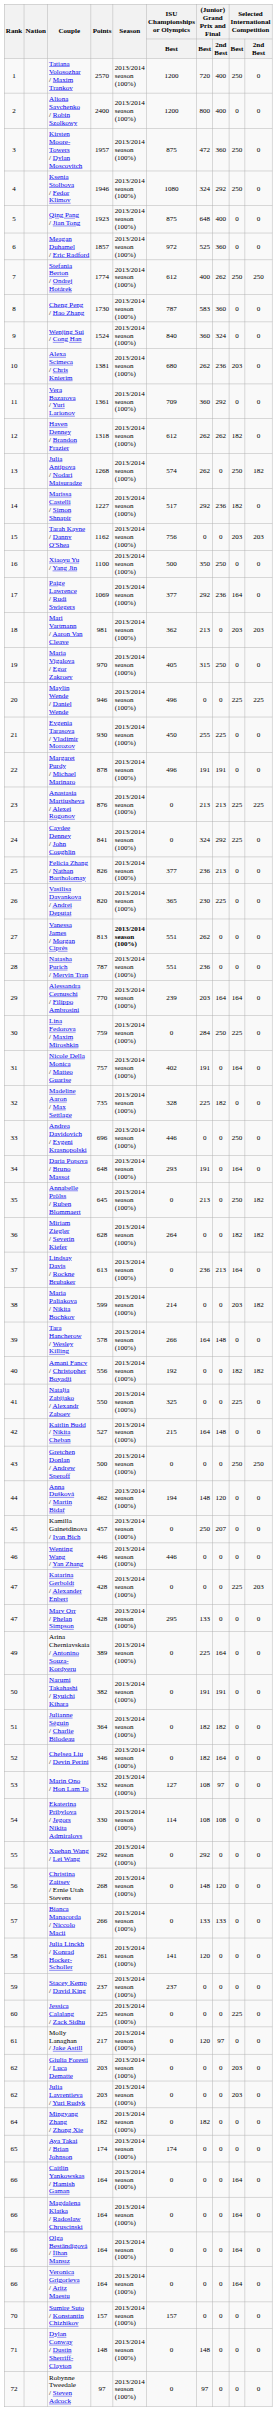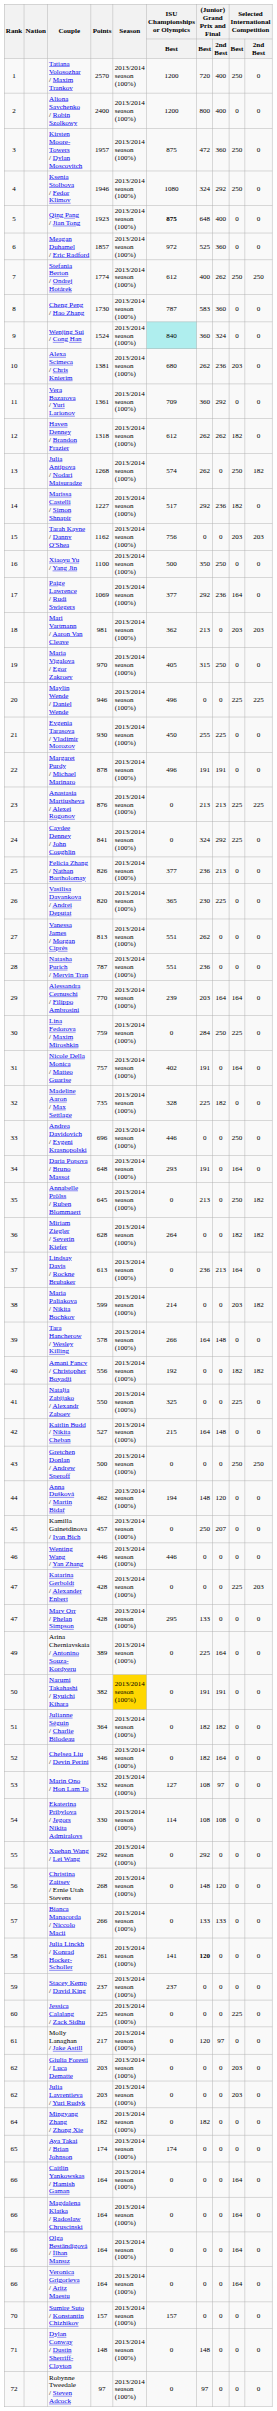 <table class="wikitable sortable" style="text-align: center;">
 <tr>
 <th rowspan="2">Rank</th>
 <th rowspan="2">Nation</th>
 <th rowspan="2">Couple</th>
 <th rowspan="2">Points</th>
 <th rowspan="2">Season</th>
 <th>ISU <br> Championships <br> or Olympics</th>
 <th colspan="2">(Junior) Grand <br> Prix and Final</th>
 <th colspan="2">Selected <br> International <br> Competition</th>
 </tr>
 <tr>
 <th>Best</th>
 <th>Best</th>
 <th>2nd Best</th>
 <th>Best</th>
 <th>2nd Best</th>
 </tr>
 <tr>
 <td>1</td>
 <td style="text-align: left;"></td>
 <td style="text-align: left;"><a href='#'>Tatiana Volosozhar</a> <br>/ <a href='#'>Maxim Trankov</a></td>
 <td>2570</td>
 <td style="text-align: left;">2013/2014 season (100%)</td>
 <td>1200</td>
 <td>720</td>
 <td>400</td>
 <td>250</td>
 <td>0</td>
 </tr>
 <tr>
 <td>2</td>
 <td style="text-align: left;"></td>
 <td style="text-align: left;"><a href='#'>Aliona Savchenko</a> <br>/ <a href='#'>Robin Szolkowy</a></td>
 <td>2400</td>
 <td style="text-align: left;">2013/2014 season (100%)</td>
 <td>1200</td>
 <td>800</td>
 <td>400</td>
 <td>0</td>
 <td>0</td>
 </tr>
 <tr>
 <td>3</td>
 <td style="text-align: left;"></td>
 <td style="text-align: left;"><a href='#'>Kirsten Moore-Towers</a> <br>/ <a href='#'>Dylan Moscovitch</a></td>
 <td>1957</td>
 <td style="text-align: left;">2013/2014 season (100%)</td>
 <td>875</td>
 <td>472</td>
 <td>360</td>
 <td>250</td>
 <td>0</td>
 </tr>
 <tr>
 <td>4</td>
 <td style="text-align: left;"></td>
 <td style="text-align: left;"><a href='#'>Ksenia Stolbova</a> <br>/ <a href='#'>Fedor Klimov</a></td>
 <td>1946</td>
 <td style="text-align: left;">2013/2014 season (100%)</td>
 <td>1080</td>
 <td>324</td>
 <td>292</td>
 <td>250</td>
 <td>0</td>
 </tr>
 <tr>
 <td>5</td>
 <td style="text-align: left;"></td>
 <td style="text-align: left;"><a href='#'>Qing Pang</a> <br>/ <a href='#'>Jian Tong</a></td>
 <td>1923</td>
 <td style="text-align: left;">2013/2014 season (100%)</td>
-<td>875</td>
+<td><strong>875</strong></td>
 <td>648</td>
 <td>400</td>
 <td>0</td>
 <td>0</td>
 </tr>
 <tr>
 <td>6</td>
 <td style="text-align: left;"></td>
 <td style="text-align: left;"><a href='#'>Meagan Duhamel</a> <br>/ <a href='#'>Eric Radford</a></td>
 <td>1857</td>
 <td style="text-align: left;">2013/2014 season (100%)</td>
 <td>972</td>
 <td>525</td>
 <td>360</td>
 <td>0</td>
 <td>0</td>
 </tr>
 <tr>
 <td>7</td>
 <td style="text-align: left;"></td>
 <td style="text-align: left;"><a href='#'>Stefania Berton</a> <br>/ <a href='#'>Ondrej Hotárek</a></td>
 <td>1774</td>
 <td style="text-align: left;">2013/2014 season (100%)</td>
 <td>612</td>
 <td>400</td>
 <td>262</td>
 <td>250</td>
 <td>250</td>
 </tr>
 <tr>
 <td>8</td>
 <td style="text-align: left;"></td>
 <td style="text-align: left;"><a href='#'>Cheng Peng</a> <br>/ <a href='#'>Hao Zhang</a></td>
 <td>1730</td>
 <td style="text-align: left;">2013/2014 season (100%)</td>
 <td>787</td>
 <td>583</td>
 <td>360</td>
 <td>0</td>
 <td>0</td>
 </tr>
 <tr>
 <td>9</td>
 <td style="text-align: left;"></td>
 <td style="text-align: left;"><a href='#'>Wenjing Sui</a> <br>/ <a href='#'>Cong Han</a></td>
 <td>1524</td>
 <td style="text-align: left;">2013/2014 season (100%)</td>
-<td>840</td>
+<td style="background: paleturquoise;">840</td>
 <td>360</td>
 <td>324</td>
 <td>0</td>
 <td>0</td>
 </tr>
 <tr>
 <td>10</td>
 <td style="text-align: left;"></td>
 <td style="text-align: left;"><a href='#'>Alexa Scimeca</a> <br>/ <a href='#'>Chris Knierim</a></td>
 <td>1381</td>
 <td style="text-align: left;">2013/2014 season (100%)</td>
 <td>680</td>
 <td>262</td>
 <td>236</td>
 <td>203</td>
 <td>0</td>
 </tr>
 <tr>
 <td>11</td>
 <td style="text-align: left;"></td>
 <td style="text-align: left;"><a href='#'>Vera Bazarova</a> <br>/ <a href='#'>Yuri Larionov</a></td>
 <td>1361</td>
 <td style="text-align: left;">2013/2014 season (100%)</td>
 <td>709</td>
 <td>360</td>
 <td>292</td>
 <td>0</td>
 <td>0</td>
 </tr>
 <tr>
 <td>12</td>
 <td style="text-align: left;"></td>
 <td style="text-align: left;"><a href='#'>Haven Denney</a> <br>/ <a href='#'>Brandon Frazier</a></td>
 <td>1318</td>
 <td style="text-align: left;">2013/2014 season (100%)</td>
 <td>612</td>
 <td>262</td>
 <td>262</td>
 <td>182</td>
 <td>0</td>
 </tr>
 <tr>
 <td>13</td>
 <td style="text-align: left;"></td>
 <td style="text-align: left;"><a href='#'>Julia Antipova</a> <br>/ <a href='#'>Nodari Maisuradze</a></td>
 <td>1268</td>
 <td style="text-align: left;">2013/2014 season (100%)</td>
 <td>574</td>
 <td>262</td>
 <td>0</td>
 <td>250</td>
 <td>182</td>
 </tr>
 <tr>
 <td>14</td>
 <td style="text-align: left;"></td>
 <td style="text-align: left;"><a href='#'>Marissa Castelli</a> <br>/ <a href='#'>Simon Shnapir</a></td>
 <td>1227</td>
 <td style="text-align: left;">2013/2014 season (100%)</td>
 <td>517</td>
 <td>292</td>
 <td>236</td>
 <td>182</td>
 <td>0</td>
 </tr>
 <tr>
 <td>15</td>
 <td style="text-align: left;"></td>
 <td style="text-align: left;"><a href='#'>Tarah Kayne</a> <br>/ <a href='#'>Danny O'Shea</a></td>
 <td>1162</td>
 <td style="text-align: left;">2013/2014 season (100%)</td>
 <td>756</td>
 <td>0</td>
 <td>0</td>
 <td>203</td>
 <td>203</td>
 </tr>
 <tr>
 <td>16</td>
 <td style="text-align: left;"></td>
 <td style="text-align: left;"><a href='#'>Xiaoyu Yu</a> <br>/ <a href='#'>Yang Jin</a></td>
 <td>1100</td>
 <td style="text-align: left;">2013/2014 season (100%)</td>
 <td>500</td>
 <td>350</td>
 <td>250</td>
 <td>0</td>
 <td>0</td>
 </tr>
 <tr>
 <td>17</td>
 <td style="text-align: left;"></td>
 <td style="text-align: left;"><a href='#'>Paige Lawrence</a> <br>/ <a href='#'>Rudi Swiegers</a></td>
 <td>1069</td>
 <td style="text-align: left;">2013/2014 season (100%)</td>
 <td>377</td>
 <td>292</td>
 <td>236</td>
 <td>164</td>
 <td>0</td>
 </tr>
 <tr>
 <td>18</td>
 <td style="text-align: left;"></td>
 <td style="text-align: left;"><a href='#'>Mari Vartmann</a> <br>/ <a href='#'>Aaron Van Cleave</a></td>
 <td>981</td>
 <td style="text-align: left;">2013/2014 season (100%)</td>
 <td>362</td>
 <td>213</td>
 <td>0</td>
 <td>203</td>
 <td>203</td>
 </tr>
 <tr>
 <td>19</td>
 <td style="text-align: left;"></td>
 <td style="text-align: left;"><a href='#'>Maria Vigalova</a> <br>/ <a href='#'>Egor Zakroev</a></td>
 <td>970</td>
 <td style="text-align: left;">2013/2014 season (100%)</td>
 <td>405</td>
 <td>315</td>
 <td>250</td>
 <td>0</td>
 <td>0</td>
 </tr>
 <tr>
 <td>20</td>
 <td style="text-align: left;"></td>
 <td style="text-align: left;"><a href='#'>Maylin Wende</a> <br>/ <a href='#'>Daniel Wende</a></td>
 <td>946</td>
 <td style="text-align: left;">2013/2014 season (100%)</td>
 <td>496</td>
 <td>0</td>
 <td>0</td>
 <td>225</td>
 <td>225</td>
 </tr>
 <tr>
 <td>21</td>
 <td style="text-align: left;"></td>
 <td style="text-align: left;"><a href='#'>Evgenia Tarasova</a> <br>/ <a href='#'>Vladimir Morozov</a></td>
 <td>930</td>
 <td style="text-align: left;">2013/2014 season (100%)</td>
 <td>450</td>
 <td>255</td>
 <td>225</td>
 <td>0</td>
 <td>0</td>
 </tr>
 <tr>
 <td>22</td>
 <td style="text-align: left;"></td>
 <td style="text-align: left;"><a href='#'>Margaret Purdy</a> <br>/ <a href='#'>Michael Marinaro</a></td>
 <td>878</td>
 <td style="text-align: left;">2013/2014 season (100%)</td>
 <td>496</td>
 <td>191</td>
 <td>191</td>
 <td>0</td>
 <td>0</td>
 </tr>
 <tr>
 <td>23</td>
 <td style="text-align: left;"></td>
 <td style="text-align: left;"><a href='#'>Anastasia Martiusheva</a> <br>/ <a href='#'>Alexei Rogonov</a></td>
 <td>876</td>
 <td style="text-align: left;">2013/2014 season (100%)</td>
 <td>0</td>
 <td>213</td>
 <td>213</td>
 <td>225</td>
 <td>225</td>
 </tr>
 <tr>
 <td>24</td>
 <td style="text-align: left;"></td>
 <td style="text-align: left;"><a href='#'>Caydee Denney</a> <br>/ <a href='#'>John Coughlin</a></td>
 <td>841</td>
 <td style="text-align: left;">2013/2014 season (100%)</td>
 <td>0</td>
 <td>324</td>
 <td>292</td>
 <td>225</td>
 <td>0</td>
 </tr>
 <tr>
 <td>25</td>
 <td style="text-align: left;"></td>
 <td style="text-align: left;"><a href='#'>Felicia Zhang</a> <br>/ <a href='#'>Nathan Bartholomay</a></td>
 <td>826</td>
 <td style="text-align: left;">2013/2014 season (100%)</td>
 <td>377</td>
 <td>236</td>
 <td>213</td>
 <td>0</td>
 <td>0</td>
 </tr>
 <tr>
 <td>26</td>
 <td style="text-align: left;"></td>
 <td style="text-align: left;"><a href='#'>Vasilisa Davankova</a> <br>/ <a href='#'>Andrei Deputat</a></td>
 <td>820</td>
 <td style="text-align: left;">2013/2014 season (100%)</td>
 <td>365</td>
 <td>230</td>
 <td>225</td>
 <td>0</td>
 <td>0</td>
 </tr>
 <tr>
 <td>27</td>
 <td style="text-align: left;"></td>
 <td style="text-align: left;"><a href='#'>Vanessa James</a> <br>/ <a href='#'>Morgan Ciprès</a></td>
 <td>813</td>
-<td style="text-align: left;"><strong>2013/2014 season (100%)</strong></td>
+<td style="text-align: left;">2013/2014 season (100%)</td>
 <td>551</td>
 <td>262</td>
 <td>0</td>
 <td>0</td>
 <td>0</td>
 </tr>
 <tr>
 <td>28</td>
 <td style="text-align: left;"></td>
 <td style="text-align: left;"><a href='#'>Natasha Purich</a> <br>/ <a href='#'>Mervin Tran</a></td>
 <td>787</td>
 <td style="text-align: left;">2013/2014 season (100%)</td>
 <td>551</td>
 <td>236</td>
 <td>0</td>
 <td>0</td>
 <td>0</td>
 </tr>
 <tr>
 <td>29</td>
 <td style="text-align: left;"></td>
 <td style="text-align: left;"><a href='#'>Alessandra Cernuschi</a> <br>/ <a href='#'>Filippo Ambrosini</a></td>
 <td>770</td>
 <td style="text-align: left;">2013/2014 season (100%)</td>
 <td>239</td>
 <td>203</td>
 <td>164</td>
 <td>164</td>
 <td>0</td>
 </tr>
 <tr>
 <td>30</td>
 <td style="text-align: left;"></td>
 <td style="text-align: left;"><a href='#'>Lina Fedorova</a> <br>/ <a href='#'>Maxim Miroshkin</a></td>
 <td>759</td>
 <td style="text-align: left;">2013/2014 season (100%)</td>
 <td>0</td>
 <td>284</td>
 <td>250</td>
 <td>225</td>
 <td>0</td>
 </tr>
 <tr>
 <td>31</td>
 <td style="text-align: left;"></td>
 <td style="text-align: left;"><a href='#'>Nicole Della Monica</a> <br>/ <a href='#'>Matteo Guarise</a></td>
 <td>757</td>
 <td style="text-align: left;">2013/2014 season (100%)</td>
 <td>402</td>
 <td>191</td>
 <td>0</td>
 <td>164</td>
 <td>0</td>
 </tr>
 <tr>
 <td>32</td>
 <td style="text-align: left;"></td>
 <td style="text-align: left;"><a href='#'>Madeline Aaron</a> <br>/ <a href='#'>Max Settlage</a></td>
 <td>735</td>
 <td style="text-align: left;">2013/2014 season (100%)</td>
 <td>328</td>
 <td>225</td>
 <td>182</td>
 <td>0</td>
 <td>0</td>
 </tr>
 <tr>
 <td>33</td>
 <td style="text-align: left;"></td>
 <td style="text-align: left;"><a href='#'>Andrea Davidovich</a> <br>/ <a href='#'>Evgeni Krasnopolski</a></td>
 <td>696</td>
 <td style="text-align: left;">2013/2014 season (100%)</td>
 <td>446</td>
 <td>0</td>
 <td>0</td>
 <td>250</td>
 <td>0</td>
 </tr>
 <tr>
 <td>34</td>
 <td style="text-align: left;"></td>
 <td style="text-align: left;"><a href='#'>Daria Popova</a> <br>/ <a href='#'>Bruno Massot</a></td>
 <td>648</td>
 <td style="text-align: left;">2013/2014 season (100%)</td>
 <td>293</td>
 <td>191</td>
 <td>0</td>
 <td>164</td>
 <td>0</td>
 </tr>
 <tr>
 <td>35</td>
 <td style="text-align: left;"></td>
 <td style="text-align: left;"><a href='#'>Annabelle Prölss</a> <br>/ <a href='#'>Ruben Blommaert</a></td>
 <td>645</td>
 <td style="text-align: left;">2013/2014 season (100%)</td>
 <td>0</td>
 <td>213</td>
 <td>0</td>
 <td>250</td>
 <td>182</td>
 </tr>
 <tr>
 <td>36</td>
 <td style="text-align: left;"></td>
 <td style="text-align: left;"><a href='#'>Miriam Ziegler</a> <br>/ <a href='#'>Severin Kiefer</a></td>
 <td>628</td>
 <td style="text-align: left;">2013/2014 season (100%)</td>
 <td>264</td>
 <td>0</td>
 <td>0</td>
 <td>182</td>
 <td>182</td>
 </tr>
 <tr>
 <td>37</td>
 <td style="text-align: left;"></td>
 <td style="text-align: left;"><a href='#'>Lindsay Davis</a> <br>/ <a href='#'>Rockne Brubaker</a></td>
 <td>613</td>
 <td style="text-align: left;">2013/2014 season (100%)</td>
 <td>0</td>
 <td>236</td>
 <td>213</td>
 <td>164</td>
 <td>0</td>
 </tr>
 <tr>
 <td>38</td>
 <td style="text-align: left;"></td>
 <td style="text-align: left;"><a href='#'>Maria Paliakova</a> <br>/ <a href='#'>Nikita Bochkov</a></td>
 <td>599</td>
 <td style="text-align: left;">2013/2014 season (100%)</td>
 <td>214</td>
 <td>0</td>
 <td>0</td>
 <td>203</td>
 <td>182</td>
 </tr>
 <tr>
 <td>39</td>
 <td style="text-align: left;"></td>
 <td style="text-align: left;"><a href='#'>Tara Hancherow</a> <br>/ <a href='#'>Wesley Killing</a></td>
 <td>578</td>
 <td style="text-align: left;">2013/2014 season (100%)</td>
 <td>266</td>
 <td>164</td>
 <td>148</td>
 <td>0</td>
 <td>0</td>
 </tr>
 <tr>
 <td>40</td>
 <td style="text-align: left;"></td>
 <td style="text-align: left;"><a href='#'>Amani Fancy</a> <br>/ <a href='#'>Christopher Boyadji</a></td>
 <td>556</td>
 <td style="text-align: left;">2013/2014 season (100%)</td>
 <td>192</td>
 <td>0</td>
 <td>0</td>
 <td>182</td>
 <td>182</td>
 </tr>
 <tr>
 <td>41</td>
 <td style="text-align: left;"></td>
 <td style="text-align: left;"><a href='#'>Natalja Zabijako</a> <br>/ <a href='#'>Alexandr Zaboev</a></td>
 <td>550</td>
 <td style="text-align: left;">2013/2014 season (100%)</td>
 <td>325</td>
 <td>0</td>
 <td>0</td>
 <td>225</td>
 <td>0</td>
 </tr>
 <tr>
 <td>42</td>
 <td style="text-align: left;"></td>
 <td style="text-align: left;"><a href='#'>Kaitlin Budd</a> <br>/ <a href='#'>Nikita Cheban</a></td>
 <td>527</td>
 <td style="text-align: left;">2013/2014 season (100%)</td>
 <td>215</td>
 <td>164</td>
 <td>148</td>
 <td>0</td>
 <td>0</td>
 </tr>
 <tr>
 <td>43</td>
 <td style="text-align: left;"></td>
 <td style="text-align: left;"><a href='#'>Gretchen Donlan</a> <br>/ <a href='#'>Andrew Speroff</a></td>
 <td>500</td>
 <td style="text-align: left;">2013/2014 season (100%)</td>
 <td>0</td>
 <td>0</td>
 <td>0</td>
 <td>250</td>
 <td>250</td>
 </tr>
 <tr>
 <td>44</td>
 <td style="text-align: left;"></td>
 <td style="text-align: left;"><a href='#'>Anna Dušková</a> <br>/ <a href='#'>Martin Bidař</a></td>
 <td>462</td>
 <td style="text-align: left;">2013/2014 season (100%)</td>
 <td>194</td>
 <td>148</td>
 <td>120</td>
 <td>0</td>
 <td>0</td>
 </tr>
 <tr>
 <td>45</td>
 <td style="text-align: left;"></td>
 <td style="text-align: left;">Kamilla Gainetdinova <br>/ <a href='#'>Ivan Bich</a></td>
 <td>457</td>
 <td style="text-align: left;">2013/2014 season (100%)</td>
 <td>0</td>
 <td>250</td>
 <td>207</td>
 <td>0</td>
 <td>0</td>
 </tr>
 <tr>
 <td>46</td>
 <td style="text-align: left;"></td>
 <td style="text-align: left;"><a href='#'>Wenting Wang</a> <br>/ <a href='#'>Yan Zhang</a></td>
 <td>446</td>
 <td style="text-align: left;">2013/2014 season (100%)</td>
 <td>446</td>
 <td>0</td>
 <td>0</td>
 <td>0</td>
 <td>0</td>
 </tr>
 <tr>
 <td>47</td>
 <td style="text-align: left;"></td>
 <td style="text-align: left;"><a href='#'>Katarina Gerboldt</a> <br>/ <a href='#'>Alexander Enbert</a></td>
 <td>428</td>
 <td style="text-align: left;">2013/2014 season (100%)</td>
 <td>0</td>
 <td>0</td>
 <td>0</td>
 <td>225</td>
 <td>203</td>
 </tr>
 <tr>
 <td>47</td>
 <td style="text-align: left;"></td>
 <td style="text-align: left;"><a href='#'>Mary Orr</a> <br>/ <a href='#'>Phelan Simpson</a></td>
 <td>428</td>
 <td style="text-align: left;">2013/2014 season (100%)</td>
 <td>295</td>
 <td>133</td>
 <td>0</td>
 <td>0</td>
 <td>0</td>
 </tr>
 <tr>
 <td>49</td>
 <td style="text-align: left;"></td>
 <td style="text-align: left;">Arina Cherniavskaia <br>/ <a href='#'>Antonino Souza-Kordyeru</a></td>
 <td>389</td>
 <td style="text-align: left;">2013/2014 season (100%)</td>
 <td>0</td>
 <td>225</td>
 <td>164</td>
 <td>0</td>
 <td>0</td>
 </tr>
 <tr>
 <td>50</td>
 <td style="text-align: left;"></td>
 <td style="text-align: left;"><a href='#'>Narumi Takahashi</a> <br>/ <a href='#'>Ryuichi Kihara</a></td>
 <td>382</td>
-<td style="text-align: left;">2013/2014 season (100%)</td>
+<td style="background: gold; text-align: left;">2013/2014 season (100%)</td>
 <td>0</td>
 <td>191</td>
 <td>191</td>
 <td>0</td>
 <td>0</td>
 </tr>
 <tr>
 <td>51</td>
 <td style="text-align: left;"></td>
 <td style="text-align: left;"><a href='#'>Julianne Séguin</a> <br>/ <a href='#'>Charlie Bilodeau</a></td>
 <td>364</td>
 <td style="text-align: left;">2013/2014 season (100%)</td>
 <td>0</td>
 <td>182</td>
 <td>182</td>
 <td>0</td>
 <td>0</td>
 </tr>
 <tr>
 <td>52</td>
 <td style="text-align: left;"></td>
 <td style="text-align: left;"><a href='#'>Chelsea Liu</a> <br>/ <a href='#'>Devin Perini</a></td>
 <td>346</td>
 <td style="text-align: left;">2013/2014 season (100%)</td>
 <td>0</td>
 <td>182</td>
 <td>164</td>
 <td>0</td>
 <td>0</td>
 </tr>
 <tr>
 <td>53</td>
 <td style="text-align: left;"></td>
 <td style="text-align: left;"><a href='#'>Marin Ono</a> <br>/ <a href='#'>Hon Lam To</a></td>
 <td>332</td>
 <td style="text-align: left;">2013/2014 season (100%)</td>
 <td>127</td>
 <td>108</td>
 <td>97</td>
 <td>0</td>
 <td>0</td>
 </tr>
 <tr>
 <td>54</td>
 <td style="text-align: left;"></td>
 <td style="text-align: left;"><a href='#'>Ekaterina Pribylova</a> <br>/ <a href='#'>Jegors Nikita Admiralovs</a></td>
 <td>330</td>
 <td style="text-align: left;">2013/2014 season (100%)</td>
 <td>114</td>
 <td>108</td>
 <td>108</td>
 <td>0</td>
 <td>0</td>
 </tr>
 <tr>
 <td>55</td>
 <td style="text-align: left;"></td>
 <td style="text-align: left;"><a href='#'>Xuehan Wang</a> <br>/ <a href='#'>Lei Wang</a></td>
 <td>292</td>
 <td style="text-align: left;">2013/2014 season (100%)</td>
 <td>0</td>
 <td>292</td>
 <td>0</td>
 <td>0</td>
 <td>0</td>
 </tr>
 <tr>
 <td>56</td>
 <td style="text-align: left;"></td>
 <td style="text-align: left;"><a href='#'>Christina Zaitsev</a> <br>/ Ernie Utah Stevens</td>
 <td>268</td>
 <td style="text-align: left;">2013/2014 season (100%)</td>
 <td>0</td>
 <td>148</td>
 <td>120</td>
 <td>0</td>
 <td>0</td>
 </tr>
 <tr>
 <td>57</td>
 <td style="text-align: left;"></td>
 <td style="text-align: left;"><a href='#'>Bianca Manacorda</a> <br>/ <a href='#'>Niccolo Macii</a></td>
 <td>266</td>
 <td style="text-align: left;">2013/2014 season (100%)</td>
 <td>0</td>
 <td>133</td>
 <td>133</td>
 <td>0</td>
 <td>0</td>
 </tr>
 <tr>
 <td>58</td>
 <td style="text-align: left;"></td>
 <td style="text-align: left;"><a href='#'>Julia Linckh</a> <br>/ <a href='#'>Konrad Hocker-Scholler</a></td>
 <td>261</td>
 <td style="text-align: left;">2013/2014 season (100%)</td>
 <td>141</td>
-<td>120</td>
+<td><strong>120</strong></td>
 <td>0</td>
 <td>0</td>
 <td>0</td>
 </tr>
 <tr>
 <td>59</td>
 <td style="text-align: left;"></td>
 <td style="text-align: left;"><a href='#'>Stacey Kemp</a> <br>/ <a href='#'>David King</a></td>
 <td>237</td>
 <td style="text-align: left;">2013/2014 season (100%)</td>
 <td>237</td>
 <td>0</td>
 <td>0</td>
 <td>0</td>
 <td>0</td>
 </tr>
 <tr>
 <td>60</td>
 <td style="text-align: left;"></td>
 <td style="text-align: left;"><a href='#'>Jessica Calalang</a> <br>/ <a href='#'>Zack Sidhu</a></td>
 <td>225</td>
 <td style="text-align: left;">2013/2014 season (100%)</td>
 <td>0</td>
 <td>0</td>
 <td>0</td>
 <td>225</td>
 <td>0</td>
 </tr>
 <tr>
 <td>61</td>
 <td style="text-align: left;"></td>
 <td style="text-align: left;">Molly Lanaghan <br>/ <a href='#'>Jake Astill</a></td>
 <td>217</td>
 <td style="text-align: left;">2013/2014 season (100%)</td>
 <td>0</td>
 <td>120</td>
 <td>97</td>
 <td>0</td>
 <td>0</td>
 </tr>
 <tr>
 <td>62</td>
 <td style="text-align: left;"></td>
 <td style="text-align: left;"><a href='#'>Giulia Foresti</a> <br>/ <a href='#'>Luca Dematte</a></td>
 <td>203</td>
 <td style="text-align: left;">2013/2014 season (100%)</td>
 <td>0</td>
 <td>0</td>
 <td>0</td>
 <td>203</td>
 <td>0</td>
 </tr>
 <tr>
 <td>62</td>
 <td style="text-align: left;"></td>
 <td style="text-align: left;"><a href='#'>Julia Lavrentieva</a> <br>/ <a href='#'>Yuri Rudyk</a></td>
 <td>203</td>
 <td style="text-align: left;">2013/2014 season (100%)</td>
 <td>0</td>
 <td>0</td>
 <td>0</td>
 <td>203</td>
 <td>0</td>
 </tr>
 <tr>
 <td>64</td>
 <td style="text-align: left;"></td>
 <td style="text-align: left;"><a href='#'>Mingyang Zhang</a> <br>/ <a href='#'>Zhong Xie</a></td>
 <td>182</td>
 <td style="text-align: left;">2013/2014 season (100%)</td>
 <td>0</td>
 <td>182</td>
 <td>0</td>
 <td>0</td>
 <td>0</td>
 </tr>
 <tr>
 <td>65</td>
 <td style="text-align: left;"></td>
 <td style="text-align: left;"><a href='#'>Aya Takai</a> <br>/ <a href='#'>Brian Johnson</a></td>
 <td>174</td>
 <td style="text-align: left;">2013/2014 season (100%)</td>
 <td>174</td>
 <td>0</td>
 <td>0</td>
 <td>0</td>
 <td>0</td>
 </tr>
 <tr>
 <td>66</td>
 <td style="text-align: left;"></td>
 <td style="text-align: left;"><a href='#'>Caitlin Yankowskas</a> <br>/ <a href='#'>Hamish Gaman</a></td>
 <td>164</td>
 <td style="text-align: left;">2013/2014 season (100%)</td>
 <td>0</td>
 <td>0</td>
 <td>0</td>
 <td>164</td>
 <td>0</td>
 </tr>
 <tr>
 <td>66</td>
 <td style="text-align: left;"></td>
 <td style="text-align: left;"><a href='#'>Magdalena Klatka</a> <br>/ <a href='#'>Radoslaw Chruscinski</a></td>
 <td>164</td>
 <td style="text-align: left;">2013/2014 season (100%)</td>
 <td>0</td>
 <td>0</td>
 <td>0</td>
 <td>164</td>
 <td>0</td>
 </tr>
 <tr>
 <td>66</td>
 <td style="text-align: left;"></td>
 <td style="text-align: left;"><a href='#'>Olga Beständigová</a> <br>/ <a href='#'>İlhan Mansız</a></td>
 <td>164</td>
 <td style="text-align: left;">2013/2014 season (100%)</td>
 <td>0</td>
 <td>0</td>
 <td>0</td>
 <td>164</td>
 <td>0</td>
 </tr>
 <tr>
 <td>66</td>
 <td style="text-align: left;"></td>
 <td style="text-align: left;"><a href='#'>Veronica Grigorieva</a> <br>/ <a href='#'>Aritz Maestu</a></td>
 <td>164</td>
 <td style="text-align: left;">2013/2014 season (100%)</td>
 <td>0</td>
 <td>0</td>
 <td>0</td>
 <td>164</td>
 <td>0</td>
 </tr>
 <tr>
 <td>70</td>
 <td style="text-align: left;"></td>
 <td style="text-align: left;"><a href='#'>Sumire Suto</a> <br>/ <a href='#'>Konstantin Chizhikov</a></td>
 <td>157</td>
 <td style="text-align: left;">2013/2014 season (100%)</td>
 <td>157</td>
 <td>0</td>
 <td>0</td>
 <td>0</td>
 <td>0</td>
 </tr>
 <tr>
 <td>71</td>
 <td style="text-align: left;"></td>
 <td style="text-align: left;"><a href='#'>Dylan Conway</a> <br>/ <a href='#'>Dustin Sherriff-Clayton</a></td>
 <td>148</td>
 <td style="text-align: left;">2013/2014 season (100%)</td>
 <td>0</td>
 <td>148</td>
 <td>0</td>
 <td>0</td>
 <td>0</td>
 </tr>
 <tr>
 <td>72</td>
 <td style="text-align: left;"></td>
 <td style="text-align: left;">Robynne Tweedale <br>/ <a href='#'>Steven Adcock</a></td>
 <td>97</td>
 <td style="text-align: left;">2013/2014 season (100%)</td>
 <td>0</td>
 <td>97</td>
 <td>0</td>
 <td>0</td>
 <td>0</td>
 </tr>
 </table>
